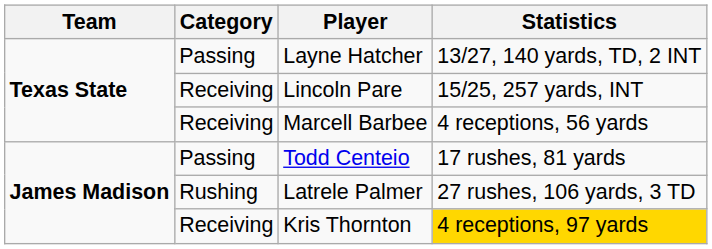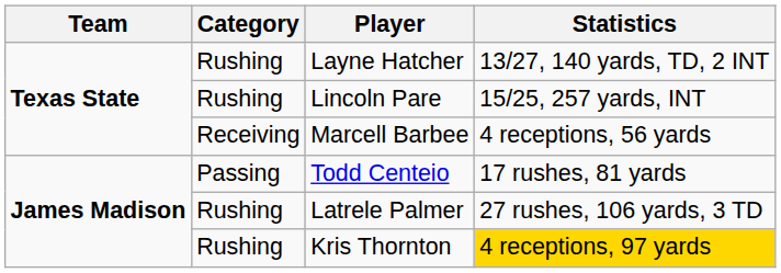 <table class="wikitable" style="float: left;">
 <tr>
 <th>Team</th>
 <th>Category</th>
 <th>Player</th>
 <th>Statistics</th>
 </tr>
 <tr>
 <td rowspan=3><strong>Texas State</strong></td>
-<td>Passing</td>
+<td>Rushing</td>
 <td>Layne Hatcher</td>
 <td>13/27, 140 yards, TD, 2 INT</td>
 </tr>
 <tr>
-<td>Receiving</td>
+<td>Rushing</td>
 <td>Lincoln Pare</td>
 <td>15/25, 257 yards, INT</td>
 </tr>
 <tr>
 <td>Receiving</td>
 <td>Marcell Barbee</td>
 <td>4 receptions, 56 yards</td>
 </tr>
 <tr>
 <td rowspan=3><strong>James Madison</strong></td>
 <td>Passing</td>
 <td><a href='#'>Todd Centeio</a></td>
 <td>17 rushes, 81 yards</td>
 </tr>
 <tr>
 <td>Rushing</td>
 <td>Latrele Palmer</td>
 <td>27 rushes, 106 yards, 3 TD</td>
 </tr>
 <tr>
-<td>Receiving</td>
+<td>Rushing</td>
 <td>Kris Thornton</td>
 <td style="background: gold;">4 receptions, 97 yards</td>
 </tr>
 </table>
